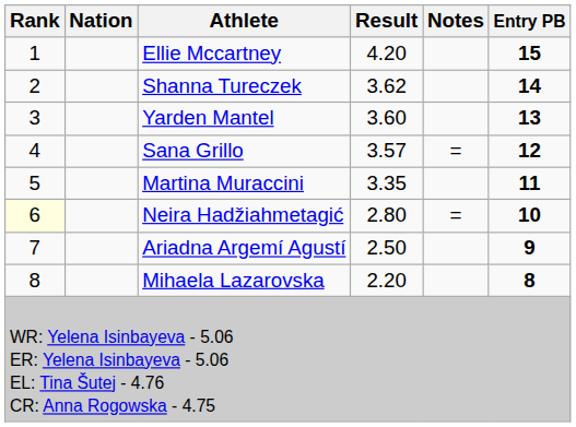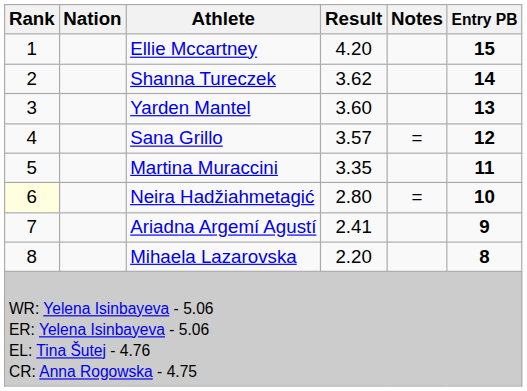 <table class="wikitable sortable" style="text-align:left;">
 <tr>
 <th>Rank</th>
 <th>Nation</th>
 <th>Athlete</th>
 <th>Result</th>
 <th>Notes</th>
 <th><small>Entry PB</small></th>
 </tr>
 <tr>
 <td align=center>1</td>
 <td></td>
 <td><a href='#'>Ellie Mccartney</a></td>
 <td align=center>4.20</td>
 <td></td>
 <td align=center><strong>15</strong></td>
 </tr>
 <tr>
 <td align=center>2</td>
 <td></td>
 <td><a href='#'>Shanna Tureczek</a></td>
 <td align=center>3.62</td>
 <td></td>
 <td align=center><strong>14</strong></td>
 </tr>
 <tr>
 <td align=center>3</td>
 <td></td>
 <td><a href='#'>Yarden Mantel</a></td>
 <td align=center>3.60</td>
 <td></td>
 <td align=center><strong>13</strong></td>
 </tr>
 <tr>
 <td align=center>4</td>
 <td></td>
 <td><a href='#'>Sana Grillo</a></td>
 <td align=center>3.57</td>
 <td align=center>=</td>
 <td align=center><strong>12</strong></td>
 </tr>
 <tr>
 <td align=center>5</td>
 <td></td>
 <td><a href='#'>Martina Muraccini</a></td>
 <td align=center>3.35</td>
 <td></td>
 <td align=center><strong>11</strong></td>
 </tr>
 <tr>
 <td align=center style="background: lightyellow;">6</td>
 <td></td>
 <td><a href='#'>Neira Hadžiahmetagić</a></td>
 <td align=center>2.80</td>
 <td align=center>=</td>
 <td align=center><strong>10</strong></td>
 </tr>
 <tr>
 <td align=center>7</td>
 <td></td>
 <td><a href='#'>Ariadna Argemí Agustí</a></td>
-<td align=center>2.50</td>
+<td align=center>2.41</td>
 <td align=center></td>
 <td align=center><strong>9</strong></td>
 </tr>
 <tr>
 <td align=center>8</td>
 <td></td>
 <td><a href='#'>Mihaela Lazarovska</a></td>
 <td align=center>2.20</td>
 <td align=center></td>
 <td align=center><strong>8</strong></td>
 </tr>
 <tr>
 <td colspan="6" bgcolor="#cccccc"><br> <small>WR:   <a href='#'>Yelena Isinbayeva</a> - 5.06<br>ER:  <a href='#'>Yelena Isinbayeva</a> - 5.06<br></small> <small>EL:   <a href='#'>Tina Šutej</a> - 4.76<br>CR:  <a href='#'>Anna Rogowska</a> - 4.75</small></td>
 </tr>
 </table>
